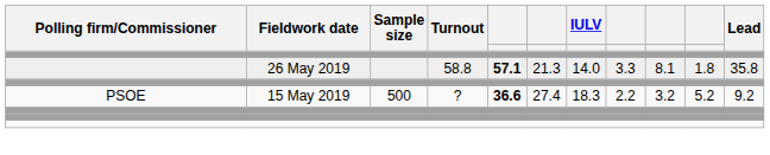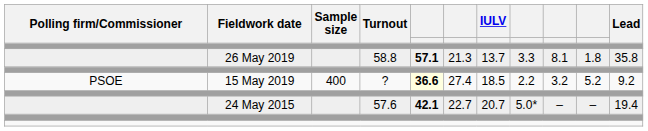 <table class="wikitable collapsible collapsed" style="text-align:center; font-size:95%; line-height:16px;">
 <tr style="height:42px;">
 <th style="width:250px;" rowspan="2">Polling firm/Commissioner</th>
 <th style="width:125px;" rowspan="2">Fieldwork date</th>
 <th style="width:50px;" rowspan="2">Sample size</th>
 <th style="width:45px;" rowspan="2">Turnout</th>
 <th style="width:35px;"></th>
 <th style="width:35px;"></th>
 <th style="width:35px;"><a href='#'>IULV</a></th>
 <th style="width:35px;"></th>
 <th style="width:35px;"></th>
 <th style="width:35px;"></th>
 <th style="width:30px;" rowspan="2">Lead</th>
 </tr>
 <tr>
 <th style="color:inherit;background:"></th>
 <th style="color:inherit;background:"></th>
 <th style="color:inherit;background:"></th>
 <th style="color:inherit;background:"></th>
 <th style="color:inherit;background:"></th>
 <th style="color:inherit;background:"></th>
 </tr>
 <tr>
 <td colspan="11" style="background:#A0A0A0"></td>
 </tr>
 <tr style="background:#EFEFEF;">
 <td><strong></strong></td>
 <td>26 May 2019</td>
 <td></td>
 <td>58.8</td>
 <td><strong>57.1</strong><br></td>
 <td>21.3<br></td>
-<td>14.0<br></td>
+<td>13.7<br></td>
 <td>3.3<br></td>
 <td>8.1<br></td>
 <td>1.8<br></td>
 <td style="background:">35.8</td>
 </tr>
 <tr>
 <td colspan="11" style="background:#A0A0A0"></td>
 </tr>
 <tr>
 <td>PSOE</td>
 <td>15 May 2019</td>
-<td>500</td>
+<td>400</td>
 <td>?</td>
-<td><strong>36.6</strong><br></td>
+<td style="background: lightyellow;"><strong>36.6</strong><br></td>
 <td>27.4<br></td>
-<td>18.3<br></td>
+<td>18.5<br></td>
 <td>2.2<br></td>
 <td>3.2<br></td>
 <td>5.2<br></td>
 <td style="background:">9.2</td>
 </tr>
 <tr>
 <td colspan="11" style="background:#A0A0A0"></td>
 </tr>
+<tr style="background:#EFEFEF;">
+<td><strong></strong></td>
+<td>24 May 2015</td>
+<td></td>
+<td>57.6</td>
+<td><strong>42.1</strong><br></td>
+<td>22.7<br></td>
+<td>20.7<br></td>
+<td>5.0*<br></td>
+<td>–</td>
+<td>–</td>
+<td style="background:">19.4</td>
+</tr>
 <tr>
 <td colspan="11" style="background:#A0A0A0"></td>
 </tr>
 <tr>
 <td align="left" colspan="11"></td>
 </tr>
 </table>
